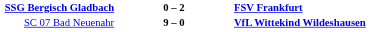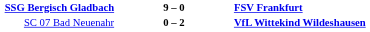 <table width=100% cellspacing=1>
 <tr>
 <th width=25%></th>
 <th width=10%></th>
 <th width=25%></th>
 <th></th>
 </tr>
 <tr style=font-size:90%>
 <td align=right><strong><a href='#'>SSG Bergisch Gladbach</a></strong></td>
-<td align=center><strong>0 – 2</strong></td>
+<td align=center><strong>9 – 0</strong></td>
 <td><strong><a href='#'>FSV Frankfurt</a></strong></td>
 </tr>
 <tr style=font-size:90%>
 <td align=right><a href='#'>SC 07 Bad Neuenahr</a></td>
-<td align=center><strong>9 – 0</strong></td>
+<td align=center><strong>0 – 2</strong></td>
 <td><strong><a href='#'>VfL Wittekind Wildeshausen</a></strong></td>
 </tr>
 </table>
